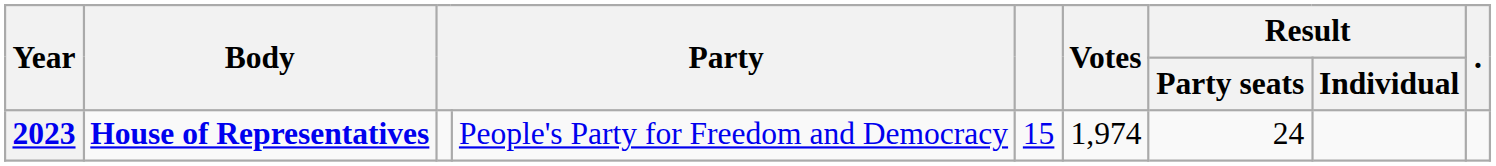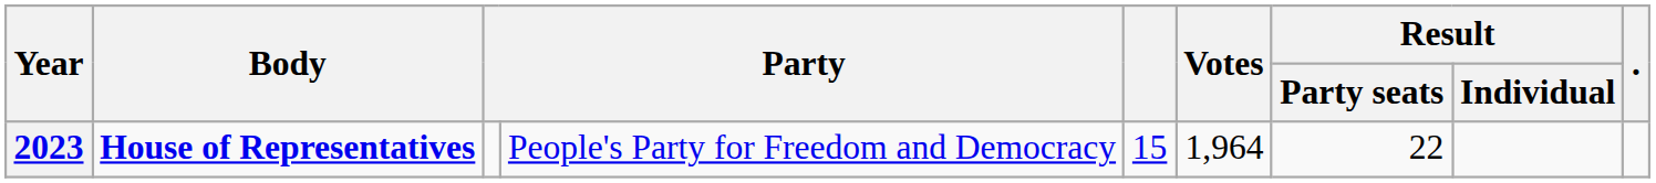 <table class="wikitable plainrowheaders sortable" border=2 cellpadding=4 cellspacing=0 style="border: 1px #aaa solid; font-size: 90%; text-align:center;">
 <tr>
 <th scope="col" rowspan=2>Year</th>
 <th scope="col" rowspan=2>Body</th>
 <th scope="col" colspan=2 rowspan=2>Party</th>
 <th scope="col" rowspan=2></th>
 <th scope="col" rowspan=2>Votes</th>
 <th scope="colgroup" colspan=2>Result</th>
 <th scope="col" rowspan=2 class="unsortable">.</th>
 </tr>
 <tr>
 <th scope="col">Party seats</th>
 <th scope="col">Individual</th>
 </tr>
 <tr>
 <th scope="row"><a href='#'>2023</a></th>
 <td><strong><a href='#'>House of Representatives</a></strong></td>
 <td style="background-color:"></td>
 <td><a href='#'>People's Party for Freedom and Democracy</a></td>
 <td style=text-align:right><a href='#'>15</a></td>
-<td style=text-align:right>1,974</td>
-<td style=text-align:right>24</td>
+<td style=text-align:right>1,964</td>
+<td style=text-align:right>22</td>
 <td></td>
 <td></td>
 </tr>
 </table>
